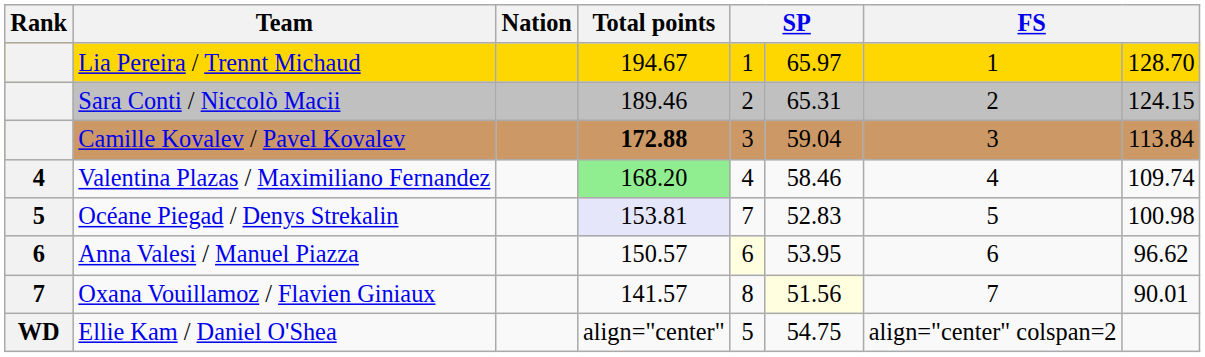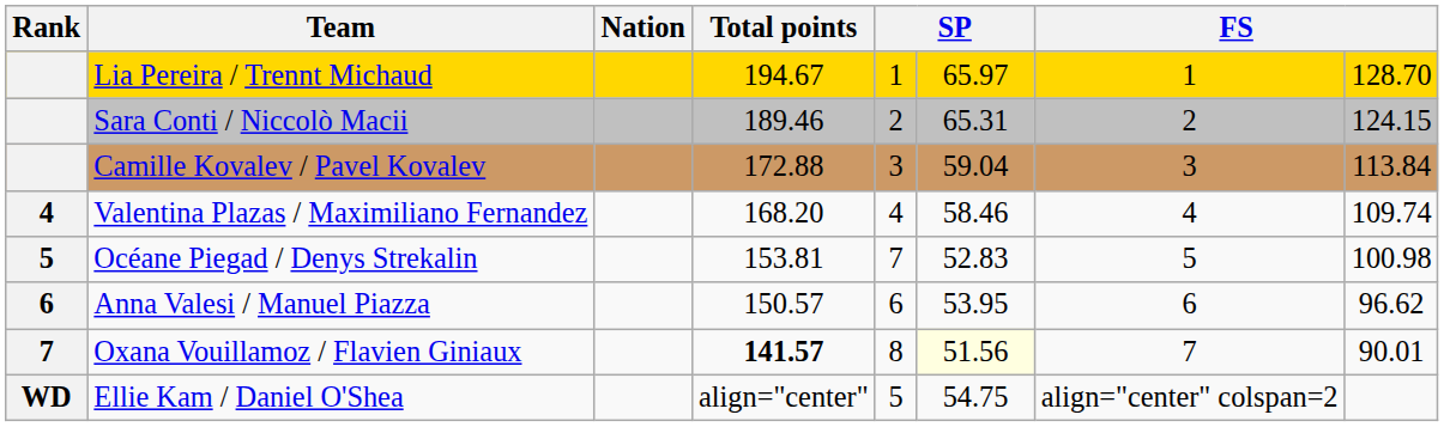 <table class="wikitable sortable" style="text-align:left">
 <tr>
 <th scope="col">Rank</th>
 <th scope="col">Team</th>
 <th scope="col">Nation</th>
 <th scope="col">Total points</th>
 <th scope="col" colspan="2" width="80px"><a href='#'>SP</a></th>
 <th scope="col" colspan="2" width="80px"><a href='#'>FS</a></th>
 </tr>
 <tr bgcolor="gold">
 <th scope="row"></th>
 <td><a href='#'>Lia Pereira</a> / <a href='#'>Trennt Michaud</a></td>
 <td></td>
 <td align="center">194.67</td>
 <td align="center">1</td>
 <td align="center">65.97</td>
 <td align="center">1</td>
 <td align="center">128.70</td>
 </tr>
 <tr bgcolor="silver">
 <th scope="row"></th>
 <td><a href='#'>Sara Conti</a> / <a href='#'>Niccolò Macii</a></td>
 <td></td>
 <td align="center">189.46</td>
 <td align="center">2</td>
 <td align="center">65.31</td>
 <td align="center">2</td>
 <td align="center">124.15</td>
 </tr>
 <tr bgcolor="cc9966">
 <th scope="row"></th>
 <td><a href='#'>Camille Kovalev</a> / <a href='#'>Pavel Kovalev</a></td>
 <td></td>
-<td align="center"><strong>172.88</strong></td>
+<td align="center">172.88</td>
 <td align="center">3</td>
 <td align="center">59.04</td>
 <td align="center">3</td>
 <td align="center">113.84</td>
 </tr>
 <tr>
 <th scope="row">4</th>
 <td><a href='#'>Valentina Plazas</a> / <a href='#'>Maximiliano Fernandez</a></td>
 <td></td>
-<td align="center" style="background: lightgreen;">168.20</td>
+<td align="center">168.20</td>
 <td align="center">4</td>
 <td align="center">58.46</td>
 <td align="center">4</td>
 <td align="center">109.74</td>
 </tr>
 <tr>
 <th scope="row">5</th>
 <td><a href='#'>Océane Piegad</a> / <a href='#'>Denys Strekalin</a></td>
 <td></td>
-<td align="center" style="background: lavender;">153.81</td>
+<td align="center">153.81</td>
 <td align="center">7</td>
 <td align="center">52.83</td>
 <td align="center">5</td>
 <td align="center">100.98</td>
 </tr>
 <tr>
 <th scope="row">6</th>
 <td><a href='#'>Anna Valesi</a> / <a href='#'>Manuel Piazza</a></td>
 <td></td>
 <td align="center">150.57</td>
-<td align="center" style="background: lightyellow;">6</td>
+<td align="center">6</td>
 <td align="center">53.95</td>
 <td align="center">6</td>
 <td align="center">96.62</td>
 </tr>
 <tr>
 <th scope="row">7</th>
 <td><a href='#'>Oxana Vouillamoz</a> / <a href='#'>Flavien Giniaux</a></td>
 <td></td>
-<td align="center">141.57</td>
+<td align="center"><strong>141.57</strong></td>
 <td align="center">8</td>
 <td align="center" style="background: lightyellow;">51.56</td>
 <td align="center">7</td>
 <td align="center">90.01</td>
 </tr>
 <tr>
 <th scope="row">WD</th>
 <td><a href='#'>Ellie Kam</a> / <a href='#'>Daniel O'Shea</a></td>
 <td></td>
 <td>align="center" </td>
 <td align="center">5</td>
 <td align="center">54.75</td>
 <td>align="center" colspan=2 </td>
 </tr>
 </table>
